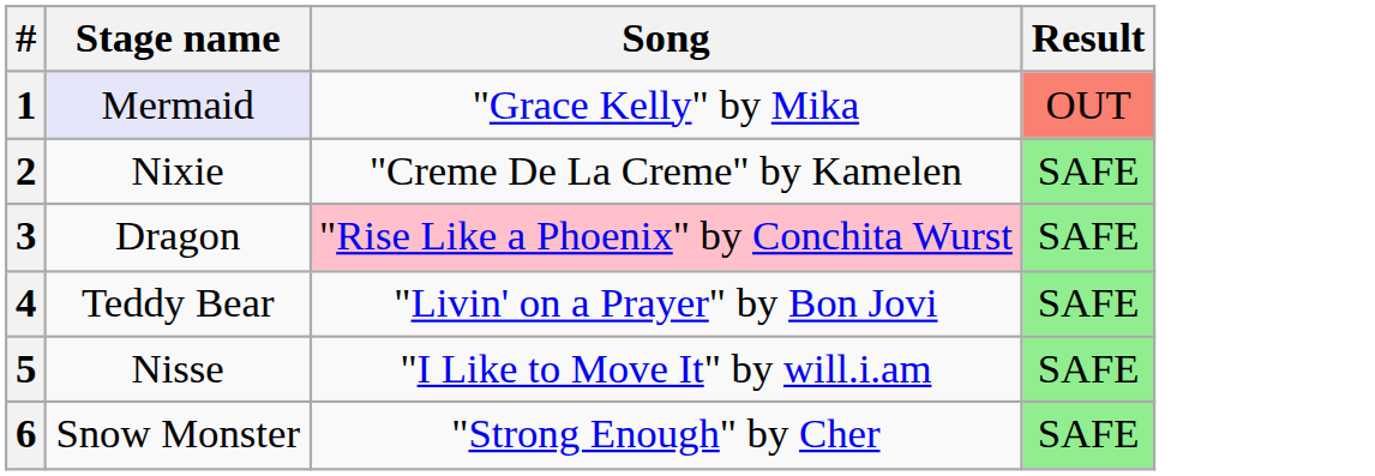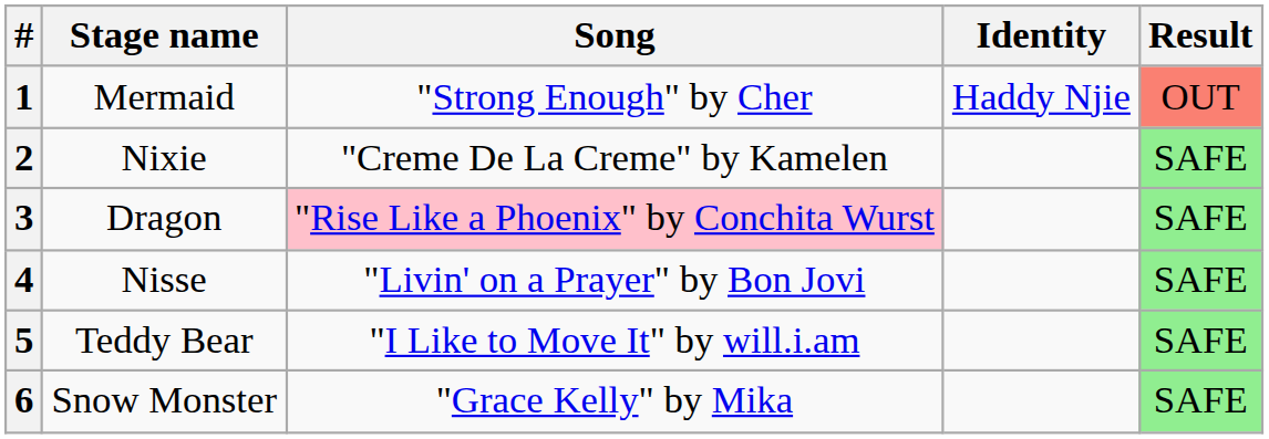 <table class="wikitable plainrowheaders" style="text-align: center;">
 <tr>
 <th>#</th>
 <th>Stage name</th>
 <th>Song</th>
+<th>Identity</th>
 <th>Result</th>
 </tr>
 <tr>
 <th>1</th>
-<td style="background: lavender;">Mermaid</td>
-<td>"<a href='#'>Grace Kelly</a>" by <a href='#'>Mika</a></td>
+<td>Mermaid</td>
+<td>"<a href='#'>Strong Enough</a>" by <a href='#'>Cher</a></td>
+<td><a href='#'>Haddy Njie</a></td>
 <td bgcolor=salmon>OUT</td>
 </tr>
 <tr>
 <th>2</th>
 <td>Nixie</td>
 <td>"Creme De La Creme" by Kamelen</td>
+<td></td>
 <td bgcolor="lightgreen">SAFE</td>
 </tr>
 <tr>
 <th>3</th>
 <td>Dragon</td>
 <td style="background: pink;">"<a href='#'>Rise Like a Phoenix</a>" by <a href='#'>Conchita Wurst</a></td>
+<td></td>
 <td bgcolor="lightgreen">SAFE</td>
 </tr>
 <tr>
 <th>4</th>
-<td>Teddy Bear</td>
+<td>Nisse</td>
 <td>"<a href='#'>Livin' on a Prayer</a>" by <a href='#'>Bon Jovi</a></td>
+<td></td>
 <td bgcolor="lightgreen">SAFE</td>
 </tr>
 <tr>
 <th>5</th>
-<td>Nisse</td>
+<td>Teddy Bear</td>
 <td>"<a href='#'>I Like to Move It</a>" by <a href='#'>will.i.am</a></td>
+<td></td>
 <td bgcolor="lightgreen">SAFE</td>
 </tr>
 <tr>
 <th>6</th>
 <td>Snow Monster</td>
-<td>"<a href='#'>Strong Enough</a>" by <a href='#'>Cher</a></td>
+<td>"<a href='#'>Grace Kelly</a>" by <a href='#'>Mika</a></td>
+<td></td>
 <td bgcolor="lightgreen">SAFE</td>
 </tr>
 </table>
